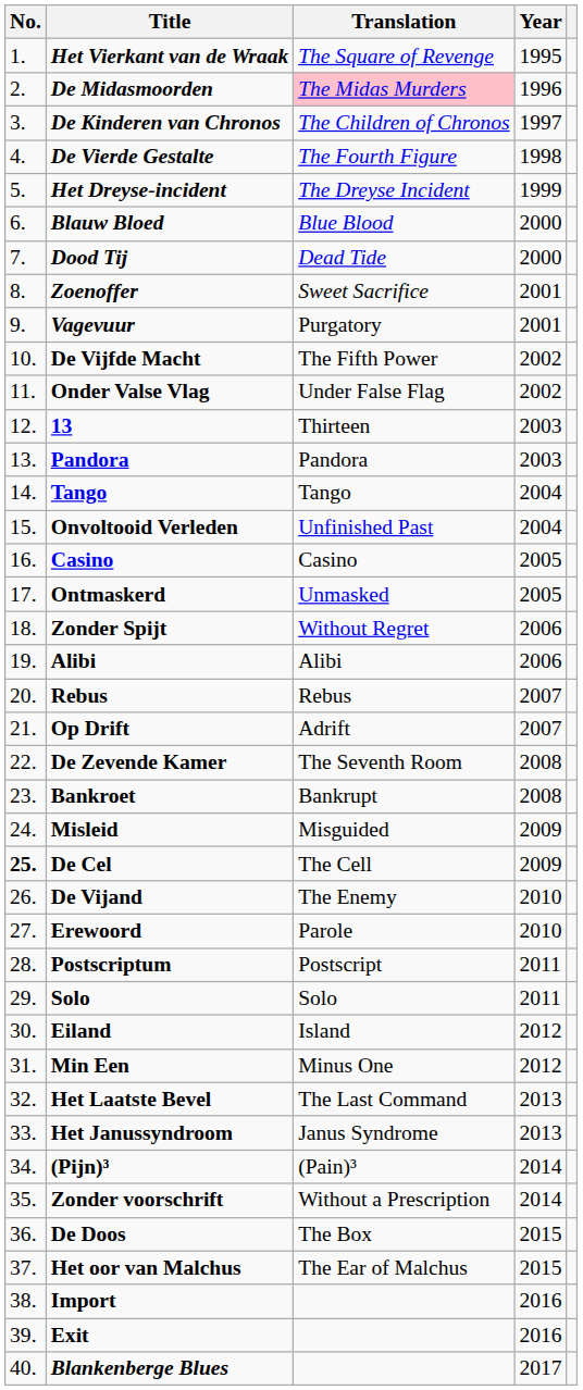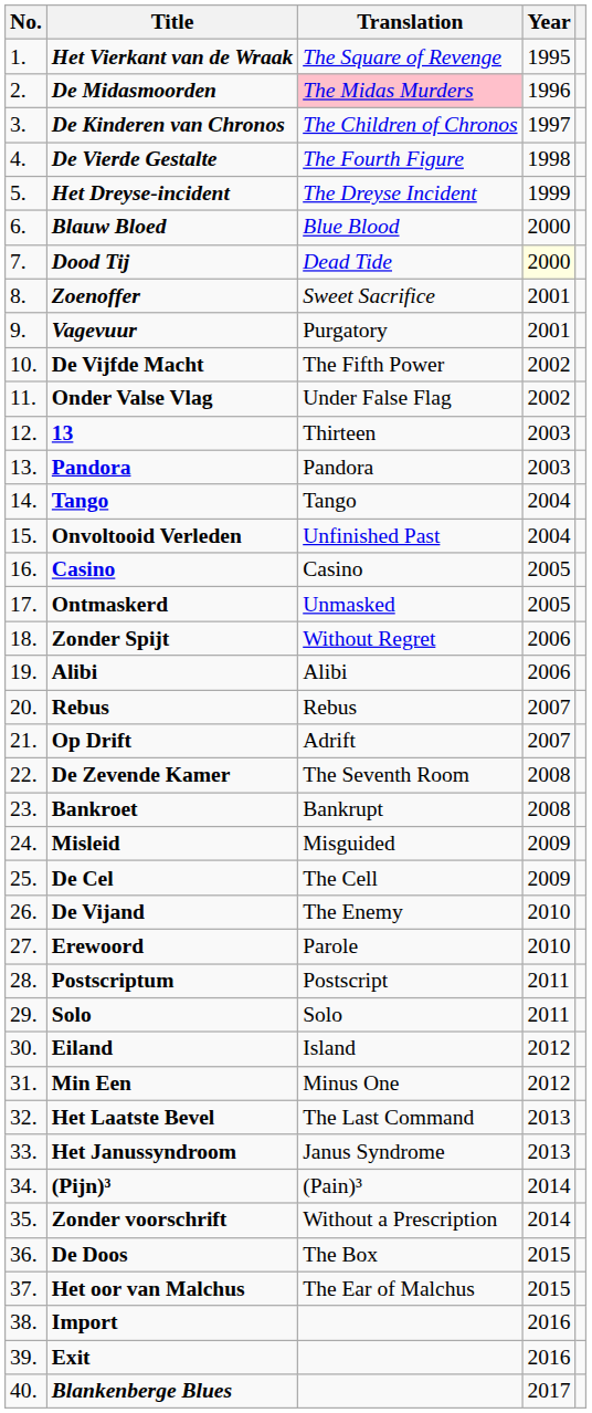 <table class="wikitable">
 <tr>
 <th>No.</th>
 <th>Title</th>
 <th>Translation</th>
 <th>Year</th>
 <th></th>
 </tr>
 <tr>
 <td>1.</td>
 <td><em> <strong>Het Vierkant van de Wraak</strong> </em></td>
 <td><em><a href='#'>The Square of Revenge</a></em></td>
 <td>1995</td>
 <td></td>
 </tr>
 <tr>
 <td>2.</td>
 <td><em> <strong>De Midasmoorden</strong> </em></td>
 <td style="background: pink;"><em><a href='#'>The Midas Murders</a></em></td>
 <td>1996</td>
 <td></td>
 </tr>
 <tr>
 <td>3.</td>
 <td><em> <strong>De Kinderen van Chronos</strong> </em></td>
 <td><em><a href='#'>The Children of Chronos</a></em></td>
 <td>1997</td>
 <td></td>
 </tr>
 <tr>
 <td>4.</td>
 <td><em> <strong>De Vierde Gestalte</strong> </em></td>
 <td><em><a href='#'>The Fourth Figure</a></em></td>
 <td>1998</td>
 <td></td>
 </tr>
 <tr>
 <td>5.</td>
 <td><em> <strong>Het Dreyse-incident</strong> </em></td>
 <td><em><a href='#'>The Dreyse Incident</a></em></td>
 <td>1999</td>
 <td></td>
 </tr>
 <tr>
 <td>6.</td>
 <td><em> <strong>Blauw Bloed</strong> </em></td>
 <td><em><a href='#'>Blue Blood</a></em></td>
 <td>2000</td>
 <td></td>
 </tr>
 <tr>
 <td>7.</td>
 <td><em> <strong>Dood Tij</strong> </em></td>
 <td><em><a href='#'>Dead Tide</a></em></td>
-<td>2000</td>
+<td style="background: lightyellow;">2000</td>
 <td></td>
 </tr>
 <tr>
 <td>8.</td>
 <td><em> <strong>Zoenoffer</strong> </em></td>
 <td><em>Sweet Sacrifice</em></td>
 <td>2001</td>
 <td></td>
 </tr>
 <tr>
 <td>9.</td>
 <td><em> <strong>Vagevuur</strong> </em></td>
 <td>Purgatory<em></td>
 <td>2001</td>
 <td></td>
 </tr>
 <tr>
 <td>10.</td>
 <td></em> <strong>De Vijfde Macht</strong> <em></td>
 <td></em>The Fifth Power<em></td>
 <td>2002</td>
 <td></td>
 </tr>
 <tr>
 <td>11.</td>
 <td></em> <strong>Onder Valse Vlag</strong> <em></td>
 <td></em>Under False Flag<em></td>
 <td>2002</td>
 <td></td>
 </tr>
 <tr>
 <td>12.</td>
 <td></em> <strong><a href='#'>13</a></strong> <em></td>
 <td></em>Thirteen<em></td>
 <td>2003</td>
 <td></td>
 </tr>
 <tr>
 <td>13.</td>
 <td></em> <strong><a href='#'>Pandora</a></strong> <em></td>
 <td></em>Pandora<em></td>
 <td>2003</td>
 <td></td>
 </tr>
 <tr>
 <td>14.</td>
 <td></em> <strong><a href='#'>Tango</a></strong> <em></td>
 <td></em>Tango<em></td>
 <td>2004</td>
 <td></td>
 </tr>
 <tr>
 <td>15.</td>
 <td></em> <strong>Onvoltooid Verleden</strong> <em></td>
 <td></em><a href='#'>Unfinished Past</a><em></td>
 <td>2004</td>
 <td></td>
 </tr>
 <tr>
 <td>16.</td>
 <td></em> <strong><a href='#'>Casino</a></strong> <em></td>
 <td></em>Casino<em></td>
 <td>2005</td>
 <td></td>
 </tr>
 <tr>
 <td>17.</td>
 <td></em> <strong>Ontmaskerd</strong> <em></td>
 <td></em><a href='#'>Unmasked</a><em></td>
 <td>2005</td>
 <td></td>
 </tr>
 <tr>
 <td>18.</td>
 <td></em> <strong>Zonder Spijt</strong> <em></td>
 <td></em><a href='#'>Without Regret</a><em></td>
 <td>2006</td>
 <td></td>
 </tr>
 <tr>
 <td>19.</td>
 <td></em> <strong>Alibi</strong> <em></td>
 <td></em>Alibi<em></td>
 <td>2006</td>
 <td></td>
 </tr>
 <tr>
 <td>20.</td>
 <td></em> <strong>Rebus</strong> <em></td>
 <td></em>Rebus<em></td>
 <td>2007</td>
 <td></td>
 </tr>
 <tr>
 <td>21.</td>
 <td></em> <strong>Op Drift</strong> <em></td>
 <td></em>Adrift<em></td>
 <td>2007</td>
 <td></td>
 </tr>
 <tr>
 <td>22.</td>
 <td></em> <strong>De Zevende Kamer</strong> <em></td>
 <td></em>The Seventh Room<em></td>
 <td>2008</td>
 <td></td>
 </tr>
 <tr>
 <td>23.</td>
 <td></em> <strong>Bankroet</strong> <em></td>
 <td></em>Bankrupt<em></td>
 <td>2008</td>
 <td></td>
 </tr>
 <tr>
 <td>24.</td>
 <td></em> <strong>Misleid</strong> <em></td>
 <td></em>Misguided<em></td>
 <td>2009</td>
 <td></td>
 </tr>
 <tr>
-<td><strong>25.</strong></td>
+<td>25.</td>
 <td></em> <strong>De Cel</strong> <em></td>
 <td></em>The Cell<em></td>
 <td>2009</td>
 <td></td>
 </tr>
 <tr>
 <td>26.</td>
 <td></em> <strong>De Vijand</strong> <em></td>
 <td></em>The Enemy<em></td>
 <td>2010</td>
 <td></td>
 </tr>
 <tr>
 <td>27.</td>
 <td></em> <strong>Erewoord</strong> <em></td>
 <td></em>Parole<em></td>
 <td>2010</td>
 <td></td>
 </tr>
 <tr>
 <td>28.</td>
 <td></em> <strong>Postscriptum</strong> <em></td>
 <td></em>Postscript<em></td>
 <td>2011</td>
 <td></td>
 </tr>
 <tr>
 <td>29.</td>
 <td></em> <strong>Solo</strong> <em></td>
 <td></em>Solo<em></td>
 <td>2011</td>
 <td></td>
 </tr>
 <tr>
 <td>30.</td>
 <td></em> <strong>Eiland</strong> <em></td>
 <td></em>Island<em></td>
 <td>2012</td>
 <td></td>
 </tr>
 <tr>
 <td>31.</td>
 <td></em> <strong>Min Een</strong> <em></td>
 <td></em>Minus One<em></td>
 <td>2012</td>
 <td></td>
 </tr>
 <tr>
 <td>32.</td>
 <td></em> <strong>Het Laatste Bevel</strong> <em></td>
 <td></em>The Last Command<em></td>
 <td>2013</td>
 <td></td>
 </tr>
 <tr>
 <td>33.</td>
 <td></em> <strong>Het Janussyndroom</strong> <em></td>
 <td></em>Janus Syndrome<em></td>
 <td>2013</td>
 <td></td>
 </tr>
 <tr>
 <td>34.</td>
 <td></em> <strong>(Pijn)³</strong> <em></td>
 <td></em>(Pain)³<em></td>
 <td>2014</td>
 <td></td>
 </tr>
 <tr>
 <td>35.</td>
 <td></em> <strong>Zonder voorschrift</strong> <em></td>
 <td></em>Without a Prescription<em></td>
 <td>2014</td>
 <td></td>
 </tr>
 <tr>
 <td>36.</td>
 <td></em> <strong>De Doos</strong> <em></td>
 <td></em>The Box<em></td>
 <td>2015</td>
 <td></td>
 </tr>
 <tr>
 <td>37.</td>
 <td></em> <strong>Het oor van Malchus</strong> <em></td>
 <td></em>The Ear of Malchus<em></td>
 <td>2015</td>
 <td></td>
 </tr>
 <tr>
 <td>38.</td>
 <td></em> <strong>Import</strong> <em></td>
 <td></td>
 <td>2016</td>
 <td></td>
 </tr>
 <tr>
 <td>39.</td>
 <td></em> <strong>Exit</strong> <em></td>
 <td></td>
 <td>2016</td>
 <td></td>
 </tr>
 <tr>
 <td>40.</td>
 <td><strong><em>Blankenberge Blues</em></strong></td>
 <td></td>
 <td>2017</td>
 <td></td>
 </tr>
 </table>
